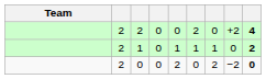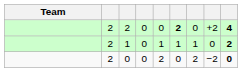 <table class="wikitable" style="text-align:center;">
 <tr>
 <th width=150>Team</th>
 <th width=20></th>
 <th width=20></th>
 <th width=20></th>
 <th width=20></th>
 <th width=20></th>
 <th width=20></th>
 <th width=20></th>
 <th width=20></th>
 </tr>
 <tr bgcolor="#ccffcc">
 <td align=left></td>
 <td>2</td>
 <td>2</td>
 <td>0</td>
 <td>0</td>
-<td>2</td>
+<td><strong>2</strong></td>
 <td>0</td>
 <td>+2</td>
 <td><strong>4</strong></td>
 </tr>
 <tr bgcolor="#ccffcc">
 <td align=left></td>
 <td>2</td>
 <td>1</td>
 <td>0</td>
 <td>1</td>
 <td>1</td>
 <td>1</td>
 <td>0</td>
 <td><strong>2</strong></td>
 </tr>
 <tr>
 <td align=left></td>
 <td>2</td>
 <td>0</td>
 <td>0</td>
 <td>2</td>
 <td>0</td>
 <td>2</td>
 <td>−2</td>
 <td><strong>0</strong></td>
 </tr>
 </table>
